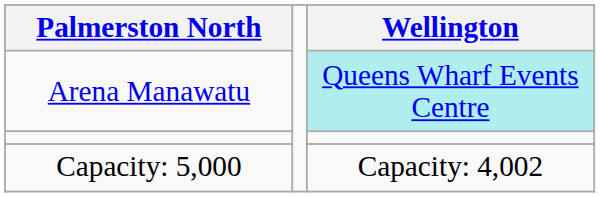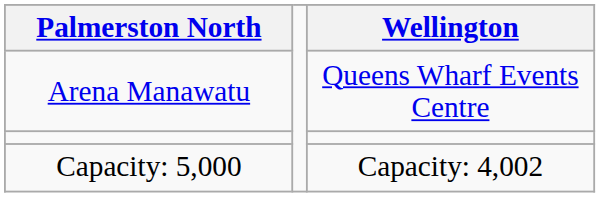 <table class=wikitable align="center" style="text-align:center;">
 <tr>
 <th width=150px><a href='#'>Palmerston North</a></th>
 <td rowspan=4></td>
 <th width=150px><a href='#'>Wellington</a></th>
 </tr>
 <tr>
 <td><a href='#'>Arena Manawatu</a></td>
-<td style="background: paleturquoise;"><a href='#'>Queens Wharf Events Centre</a></td>
+<td><a href='#'>Queens Wharf Events Centre</a></td>
 </tr>
 <tr>
 <td></td>
 <td></td>
 </tr>
 <tr>
 <td>Capacity: 5,000</td>
 <td>Capacity: 4,002</td>
 </tr>
 </table>
